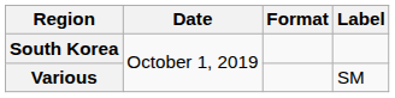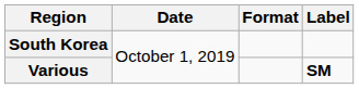 <table class="wikitable plainrowheaders">
 <tr>
 <th scope="col">Region</th>
 <th scope="col">Date</th>
 <th scope="col">Format</th>
 <th scope="col">Label</th>
 </tr>
 <tr>
 <th scope="row">South Korea</th>
 <td rowspan="2">October 1, 2019</td>
 <td></td>
 <td></td>
 </tr>
 <tr>
 <th scope="row">Various </th>
 <td></td>
-<td>SM</td>
+<td><strong>SM</strong></td>
 </tr>
 </table>
